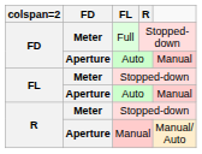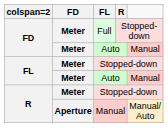 <table class="wikitable floatright" style="font-size:90%;text-align:center;width:15em;">
 <tr>
 <th>colspan=2 </th>
 <th>FD</th>
 <th>FL</th>
 <th>R</th>
 </tr>
 <tr>
 <th rowspan=2>FD</th>
 <th>Meter</th>
 <td style="background:#dfd;">Full</td>
 <td colspan=2 style="background:#fdd;">Stopped-down</td>
 </tr>
 <tr>
-<th>Aperture</th>
+<th>Meter</th>
 <td colspan=2 style="background:#cfc;">Auto</td>
 <td style="background:#fcc;">Manual</td>
 </tr>
 <tr>
 <th rowspan=2>FL</th>
 <th>Meter</th>
 <td colspan=3 style="background:#fdd;">Stopped-down</td>
 </tr>
 <tr>
-<th>Aperture</th>
+<th>Meter</th>
 <td colspan=2 style="background:#cfc;">Auto</td>
 <td style="background:#fcc;">Manual</td>
 </tr>
 <tr>
 <th rowspan=2>R</th>
 <th>Meter</th>
 <td colspan=3 style="background:#fdd;">Stopped-down</td>
 </tr>
 <tr>
 <th>Aperture</th>
 <td colspan=2 style="background:#fcc;">Manual</td>
 <td style="background:#fec;">Manual/ Auto</td>
 </tr>
 </table>
